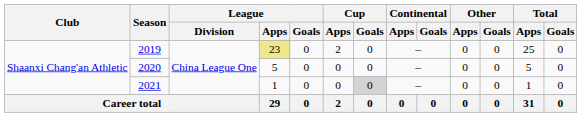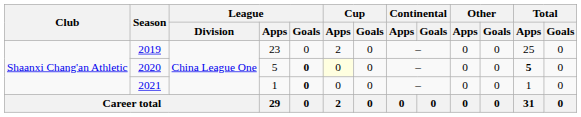 <table class="wikitable" style="text-align: center">
 <tr>
 <th rowspan="2">Club</th>
 <th rowspan="2">Season</th>
 <th colspan="3">League</th>
 <th colspan="2">Cup</th>
 <th colspan="2">Continental</th>
 <th colspan="2">Other</th>
 <th colspan="2">Total</th>
 </tr>
 <tr>
 <th>Division</th>
 <th>Apps</th>
 <th>Goals</th>
 <th>Apps</th>
 <th>Goals</th>
 <th>Apps</th>
 <th>Goals</th>
 <th>Apps</th>
 <th>Goals</th>
 <th>Apps</th>
 <th>Goals</th>
 </tr>
 <tr>
 <td rowspan="3"><a href='#'>Shaanxi Chang'an Athletic</a></td>
 <td><a href='#'>2019</a></td>
 <td rowspan="3"><a href='#'>China League One</a></td>
-<td style="background: khaki;">23</td>
+<td>23</td>
 <td>0</td>
 <td>2</td>
 <td>0</td>
 <td colspan="2">–</td>
 <td>0</td>
 <td>0</td>
 <td>25</td>
 <td>0</td>
 </tr>
 <tr>
 <td><a href='#'>2020</a></td>
 <td>5</td>
-<td>0</td>
-<td>0</td>
+<td><strong>0</strong></td>
+<td style="background: lightyellow;">0</td>
 <td>0</td>
 <td colspan="2">–</td>
 <td>0</td>
 <td>0</td>
-<td>5</td>
+<td><strong>5</strong></td>
 <td>0</td>
 </tr>
 <tr>
 <td><a href='#'>2021</a></td>
 <td>1</td>
+<td><strong>0</strong></td>
 <td>0</td>
 <td>0</td>
-<td style="background: lightgrey;">0</td>
 <td colspan="2">–</td>
 <td>0</td>
 <td>0</td>
 <td>1</td>
 <td>0</td>
 </tr>
 <tr>
 <th colspan=3>Career total</th>
 <th>29</th>
 <th>0</th>
 <th>2</th>
 <th>0</th>
 <th>0</th>
 <th>0</th>
 <th>0</th>
 <th>0</th>
 <th>31</th>
 <th>0</th>
 </tr>
 </table>
